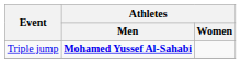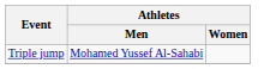 <table class=wikitable style="font-size:90%">
 <tr>
 <th rowspan=2>Event</th>
 <th colspan=2>Athletes</th>
 </tr>
 <tr>
 <th>Men</th>
 <th>Women</th>
 </tr>
 <tr>
 <td><a href='#'>Triple jump</a></td>
-<td><strong><a href='#'>Mohamed Yussef Al-Sahabi</a></strong></td>
+<td><a href='#'>Mohamed Yussef Al-Sahabi</a></td>
 <td></td>
 </tr>
 <tr>
 </tr>
 </table>
